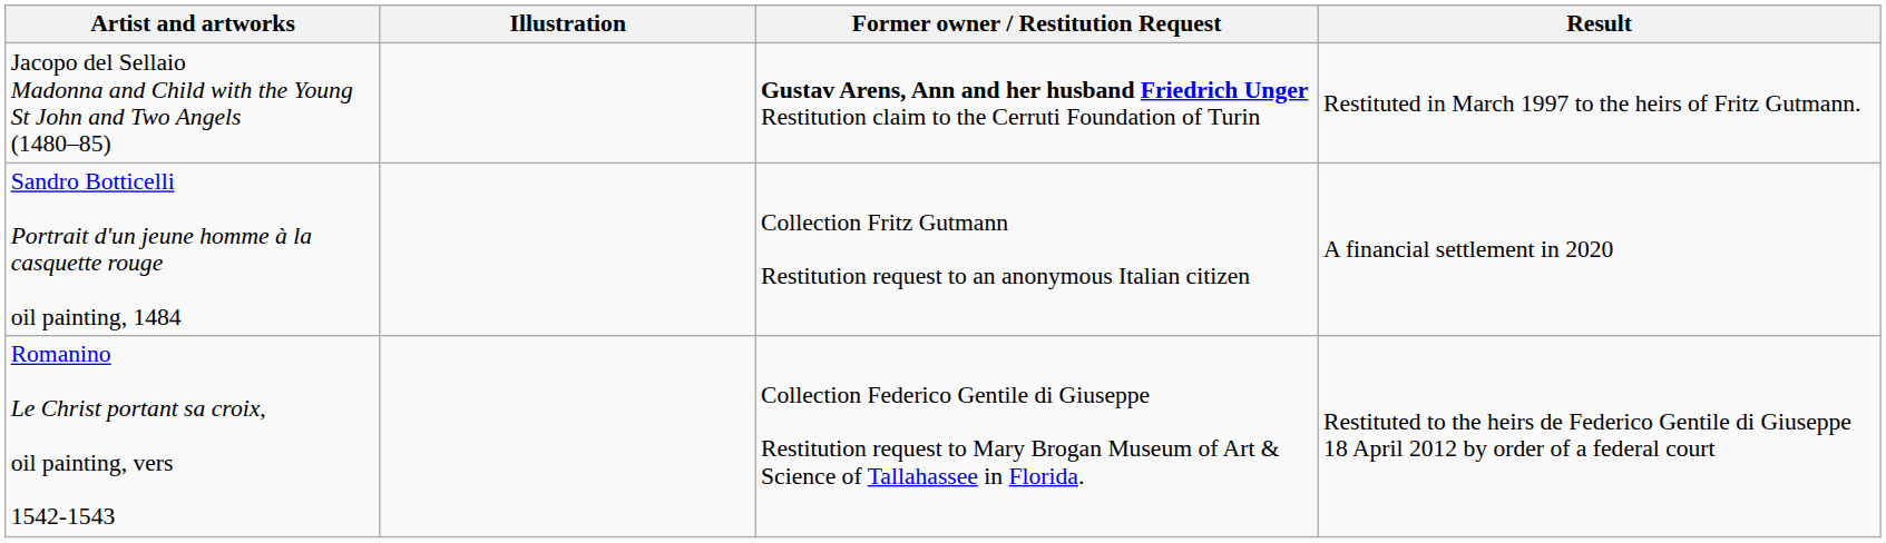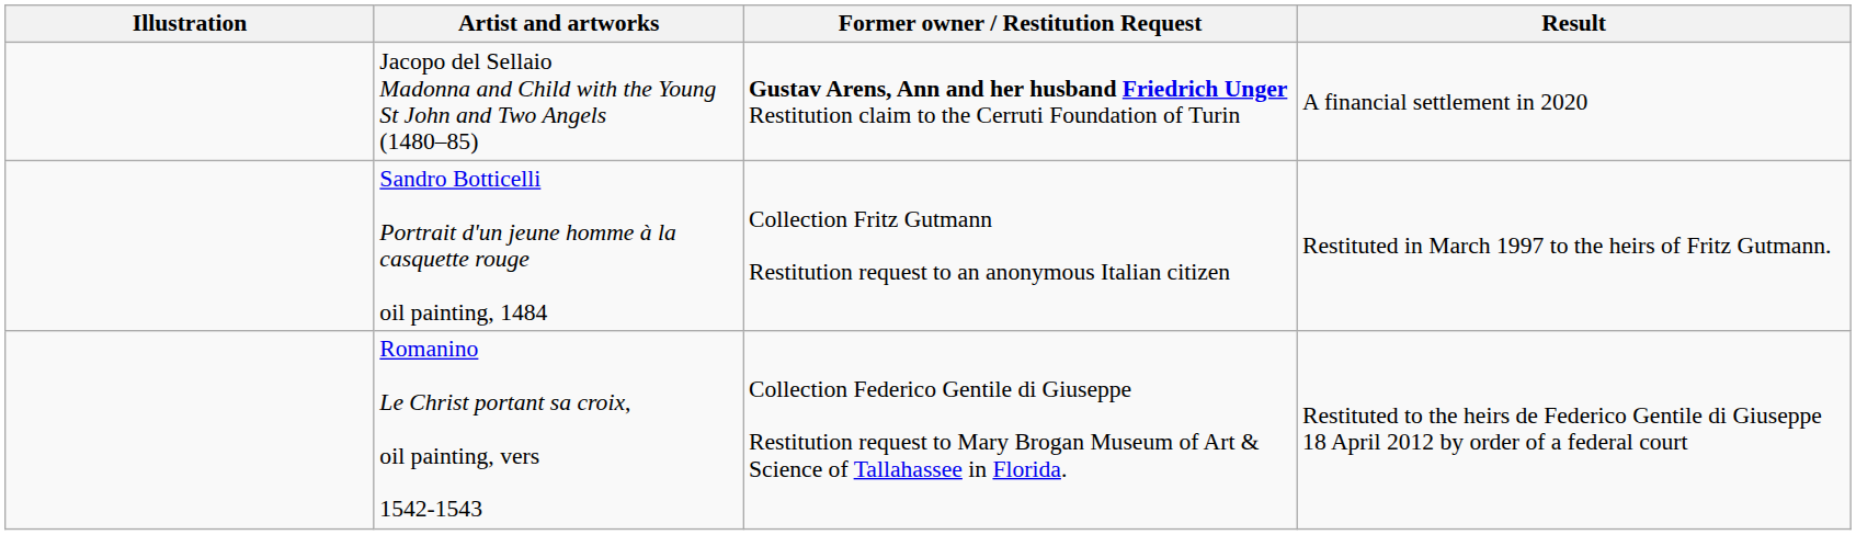 <table class="wikitable alternance centre">
 <tr>
+<th class="unsortable" width="20">Illustration</th>
 <th width="20%">Artist and artworks</th>
-<th class="unsortable" width="20">Illustration</th>
 <th width="30%">Former owner / Restitution Request</th>
 <th width="30%">Result</th>
 </tr>
 <tr>
+<td></td>
 <td>Jacopo del Sellaio<br><em>Madonna and Child with the Young St John and Two Angels</em><br>(1480–85)</td>
+<td><strong>Gustav Arens, Ann and her husband <a href='#'>Friedrich Unger</a></strong><br>Restitution claim to the Cerruti Foundation of Turin</td>
+<td>A financial settlement in 2020</td>
+</tr>
+<tr>
 <td></td>
-<td><strong>Gustav Arens, Ann and her husband <a href='#'>Friedrich Unger</a></strong><br>Restitution claim to the Cerruti Foundation of Turin</td>
+<td><a href='#'>Sandro Botticelli</a><br><br><em>Portrait d'un jeune homme à la casquette rouge</em><br><br>oil painting, 1484</td>
+<td>Collection Fritz Gutmann<br><br>Restitution request to an anonymous Italian citizen</td>
 <td>Restituted in March 1997 to the heirs of Fritz Gutmann.</td>
 </tr>
 <tr>
-<td><a href='#'>Sandro Botticelli</a><br><br><em>Portrait d'un jeune homme à la casquette rouge</em><br><br>oil painting, 1484</td>
 <td></td>
-<td>Collection Fritz Gutmann<br><br>Restitution request to an anonymous Italian citizen</td>
-<td>A financial settlement in 2020</td>
-</tr>
-<tr>
 <td><a href='#'>Romanino</a> <br><br><em>Le Christ portant sa croix</em>, <br><br>oil painting, vers <br><br>1542-1543</td>
-<td></td>
 <td>Collection Federico Gentile di Giuseppe <br><br>Restitution request to Mary Brogan Museum of Art & Science of <a href='#'>Tallahassee</a> in <a href='#'>Florida</a>.</td>
 <td>Restituted to the heirs de Federico Gentile di Giuseppe 18 April 2012 by order of a federal court</td>
 </tr>
 </table>
